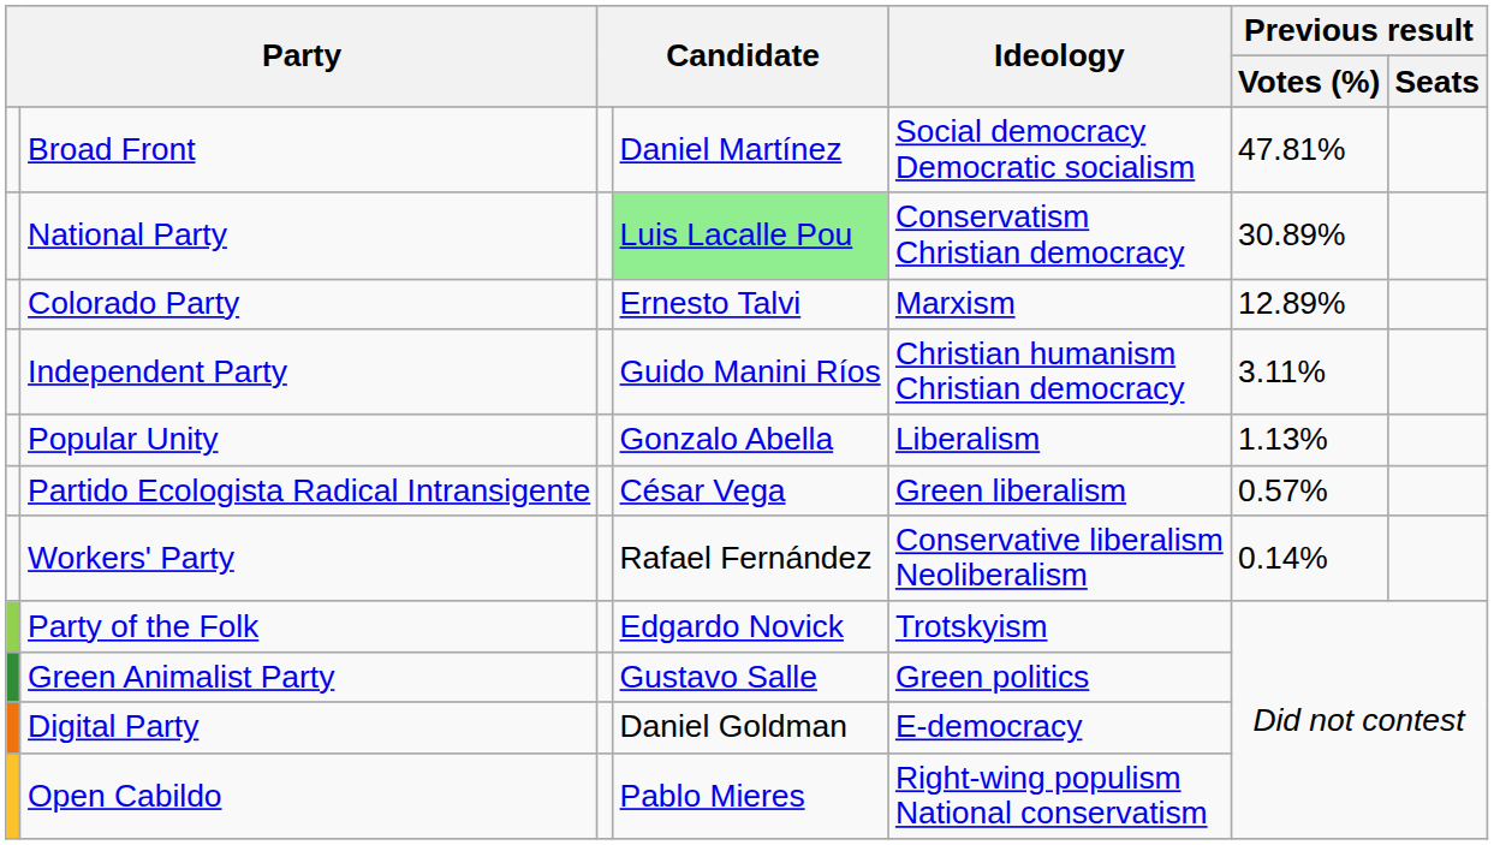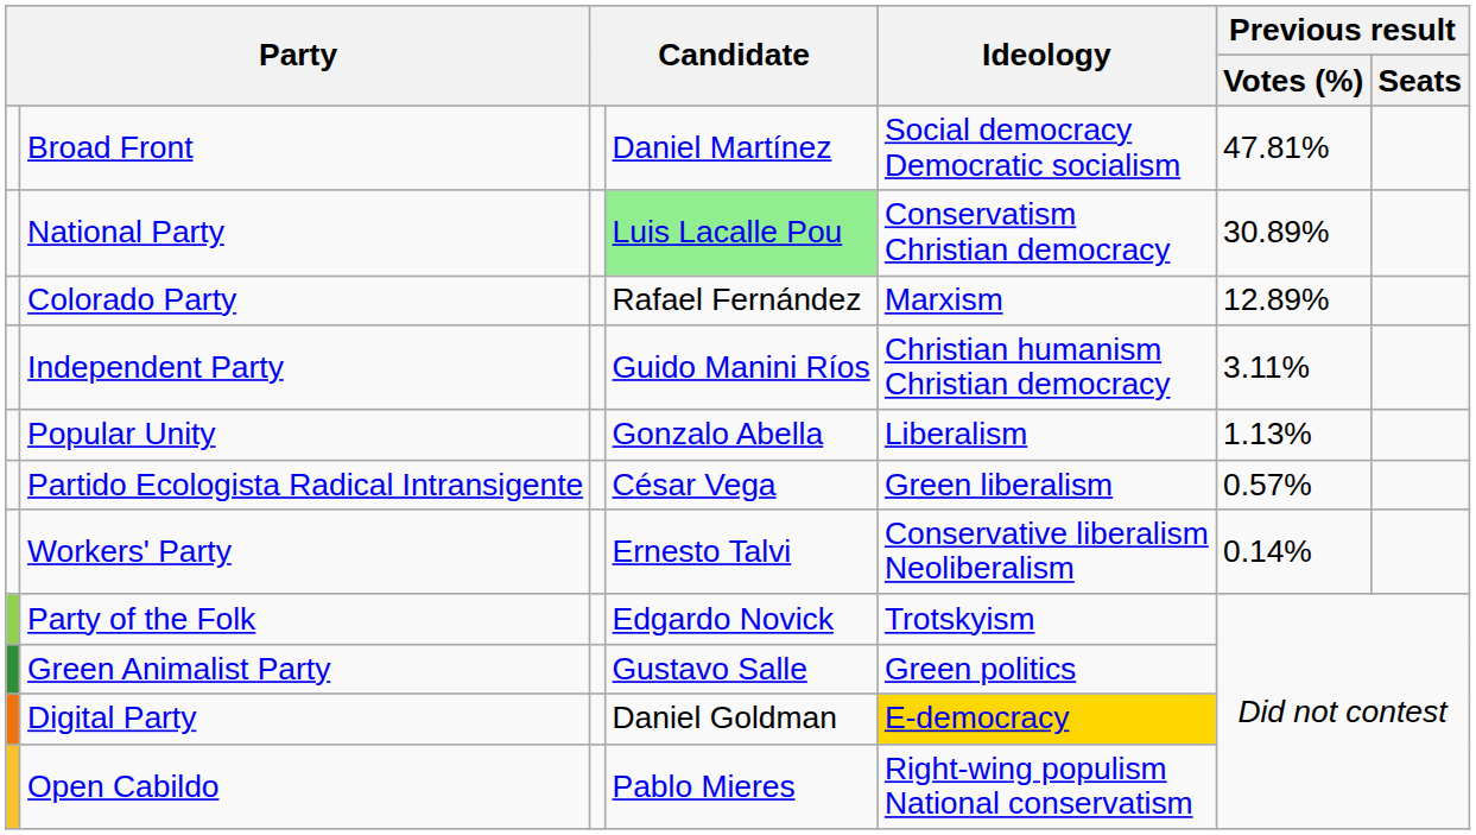 <table class=wikitable>
 <tr>
 <th colspan="2" rowspan="2">Party</th>
 <th colspan="2" rowspan="2">Candidate</th>
 <th rowspan="2">Ideology</th>
 <th colspan="2">Previous result</th>
 </tr>
 <tr>
 <th>Votes (%)</th>
 <th>Seats</th>
 </tr>
 <tr>
 <td style="background:"></td>
 <td><a href='#'>Broad Front</a></td>
 <td></td>
 <td><a href='#'>Daniel Martínez</a></td>
 <td><a href='#'>Social democracy</a><br><a href='#'>Democratic socialism</a></td>
 <td>47.81%</td>
 <td></td>
 </tr>
 <tr>
 <td style="background:"></td>
 <td><a href='#'>National Party</a></td>
 <td></td>
 <td style="background: lightgreen;"><a href='#'>Luis Lacalle Pou</a></td>
 <td><a href='#'>Conservatism</a><br><a href='#'>Christian democracy</a></td>
 <td>30.89%</td>
 <td></td>
 </tr>
 <tr>
 <td style="background:"></td>
 <td><a href='#'>Colorado Party</a></td>
 <td></td>
-<td><a href='#'>Ernesto Talvi</a></td>
+<td>Rafael Fernández</td>
 <td><a href='#'>Marxism</a></td>
 <td>12.89%</td>
 <td></td>
 </tr>
 <tr>
 <td style="background:"></td>
 <td><a href='#'>Independent Party</a></td>
 <td></td>
 <td><a href='#'>Guido Manini Ríos</a></td>
 <td><a href='#'>Christian humanism</a><br><a href='#'>Christian democracy</a></td>
 <td>3.11%</td>
 <td></td>
 </tr>
 <tr>
 <td style="background:"></td>
 <td><a href='#'>Popular Unity</a></td>
 <td></td>
 <td><a href='#'>Gonzalo Abella</a></td>
 <td><a href='#'>Liberalism</a></td>
 <td>1.13%</td>
 <td></td>
 </tr>
 <tr>
 <td style="background:"></td>
 <td><a href='#'>Partido Ecologista Radical Intransigente</a></td>
 <td></td>
 <td><a href='#'>César Vega</a></td>
 <td><a href='#'>Green liberalism</a></td>
 <td>0.57%</td>
 <td></td>
 </tr>
 <tr>
 <td style="background:"></td>
 <td><a href='#'>Workers' Party</a></td>
 <td></td>
-<td>Rafael Fernández</td>
+<td><a href='#'>Ernesto Talvi</a></td>
 <td><a href='#'>Conservative liberalism</a><br><a href='#'>Neoliberalism</a></td>
 <td>0.14%</td>
 <td></td>
 </tr>
 <tr>
 <td style="background:#92D050"></td>
 <td><a href='#'>Party of the Folk</a></td>
 <td></td>
 <td><a href='#'>Edgardo Novick</a></td>
 <td><a href='#'>Trotskyism</a></td>
 <td colspan="2" rowspan="4" style="text-align:center"><em>Did not contest</em></td>
 </tr>
 <tr>
 <td style="background:#318C38"></td>
 <td><a href='#'>Green Animalist Party</a></td>
 <td></td>
 <td><a href='#'>Gustavo Salle</a></td>
 <td><a href='#'>Green politics</a></td>
 </tr>
 <tr>
 <td style="background:#EE720E"></td>
 <td><a href='#'>Digital Party</a></td>
 <td></td>
 <td>Daniel Goldman</td>
-<td><a href='#'>E-democracy</a></td>
+<td style="background: gold;"><a href='#'>E-democracy</a></td>
 </tr>
 <tr>
 <td style="background:#FBC22B"></td>
 <td><a href='#'>Open Cabildo</a></td>
 <td></td>
 <td><a href='#'>Pablo Mieres</a></td>
 <td><a href='#'>Right-wing populism</a><br><a href='#'>National conservatism</a></td>
 </tr>
 </table>
